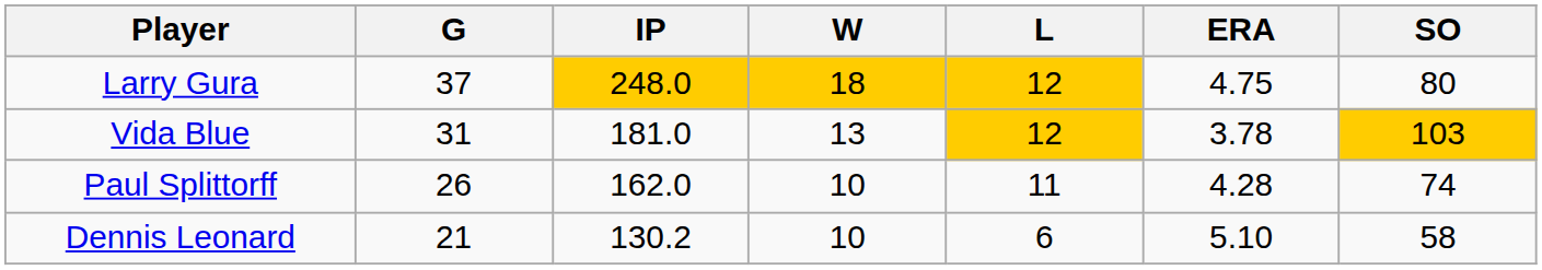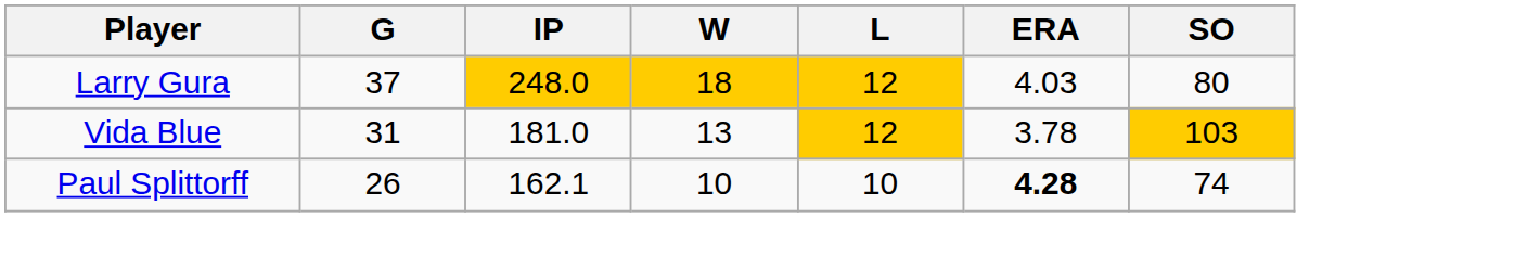 <table class="wikitable sortable">
 <tr>
 <th bgcolor="#DDDDFF" width="16%">Player</th>
 <th bgcolor="#DDDDFF" width="9%">G</th>
 <th bgcolor="#DDDDFF" width="9%">IP</th>
 <th bgcolor="#DDDDFF" width="9%">W</th>
 <th bgcolor="#DDDDFF" width="9%">L</th>
 <th bgcolor="#DDDDFF" width="9%">ERA</th>
 <th bgcolor="#DDDDFF" width="9%">SO</th>
 </tr>
 <tr align="center">
 <td><a href='#'>Larry Gura</a></td>
 <td>37</td>
 <td style="background:#fc0;">248.0</td>
 <td style="background:#fc0;">18</td>
 <td style="background:#fc0;">12</td>
-<td>4.75</td>
+<td>4.03</td>
 <td>80</td>
 </tr>
 <tr align="center">
 <td><a href='#'>Vida Blue</a></td>
 <td>31</td>
 <td>181.0</td>
 <td>13</td>
 <td style="background:#fc0;">12</td>
 <td>3.78</td>
 <td style="background:#fc0;">103</td>
 </tr>
 <tr align="center">
 <td><a href='#'>Paul Splittorff</a></td>
 <td>26</td>
-<td>162.0</td>
+<td>162.1</td>
 <td>10</td>
-<td>11</td>
-<td>4.28</td>
+<td>10</td>
+<td><strong>4.28</strong></td>
 <td>74</td>
 </tr>
-<tr align="center">
-<td><a href='#'>Dennis Leonard</a></td>
-<td>21</td>
-<td>130.2</td>
-<td>10</td>
-<td>6</td>
-<td>5.10</td>
-<td>58</td>
-</tr>
 </table>
